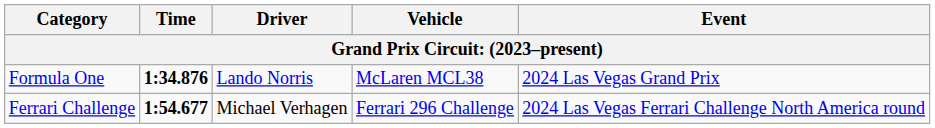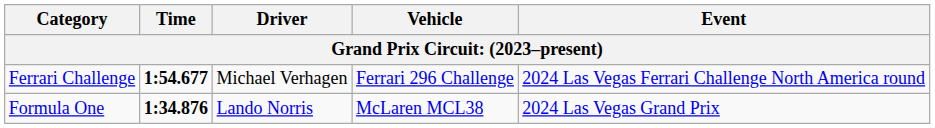 <table class=wikitable style="font-size:90%;">
 <tr>
 <th>Category</th>
 <th>Time</th>
 <th>Driver</th>
 <th>Vehicle</th>
 <th>Event</th>
 </tr>
 <tr>
 <th colspan="5">Grand Prix Circuit:  (2023–present)</th>
 </tr>
 <tr>
+<td><a href='#'>Ferrari Challenge</a></td>
+<td><strong>1:54.677</strong></td>
+<td>Michael Verhagen</td>
+<td><a href='#'>Ferrari 296 Challenge</a></td>
+<td><a href='#'>2024 Las Vegas Ferrari Challenge North America round</a></td>
+</tr>
+<tr>
 <td><a href='#'>Formula One</a></td>
 <td><strong>1:34.876</strong></td>
 <td><a href='#'>Lando Norris</a></td>
 <td><a href='#'>McLaren MCL38</a></td>
 <td><a href='#'>2024 Las Vegas Grand Prix</a></td>
 </tr>
-<tr>
-<td><a href='#'>Ferrari Challenge</a></td>
-<td><strong>1:54.677</strong></td>
-<td>Michael Verhagen</td>
-<td><a href='#'>Ferrari 296 Challenge</a></td>
-<td><a href='#'>2024 Las Vegas Ferrari Challenge North America round</a></td>
-</tr>
 </table>
